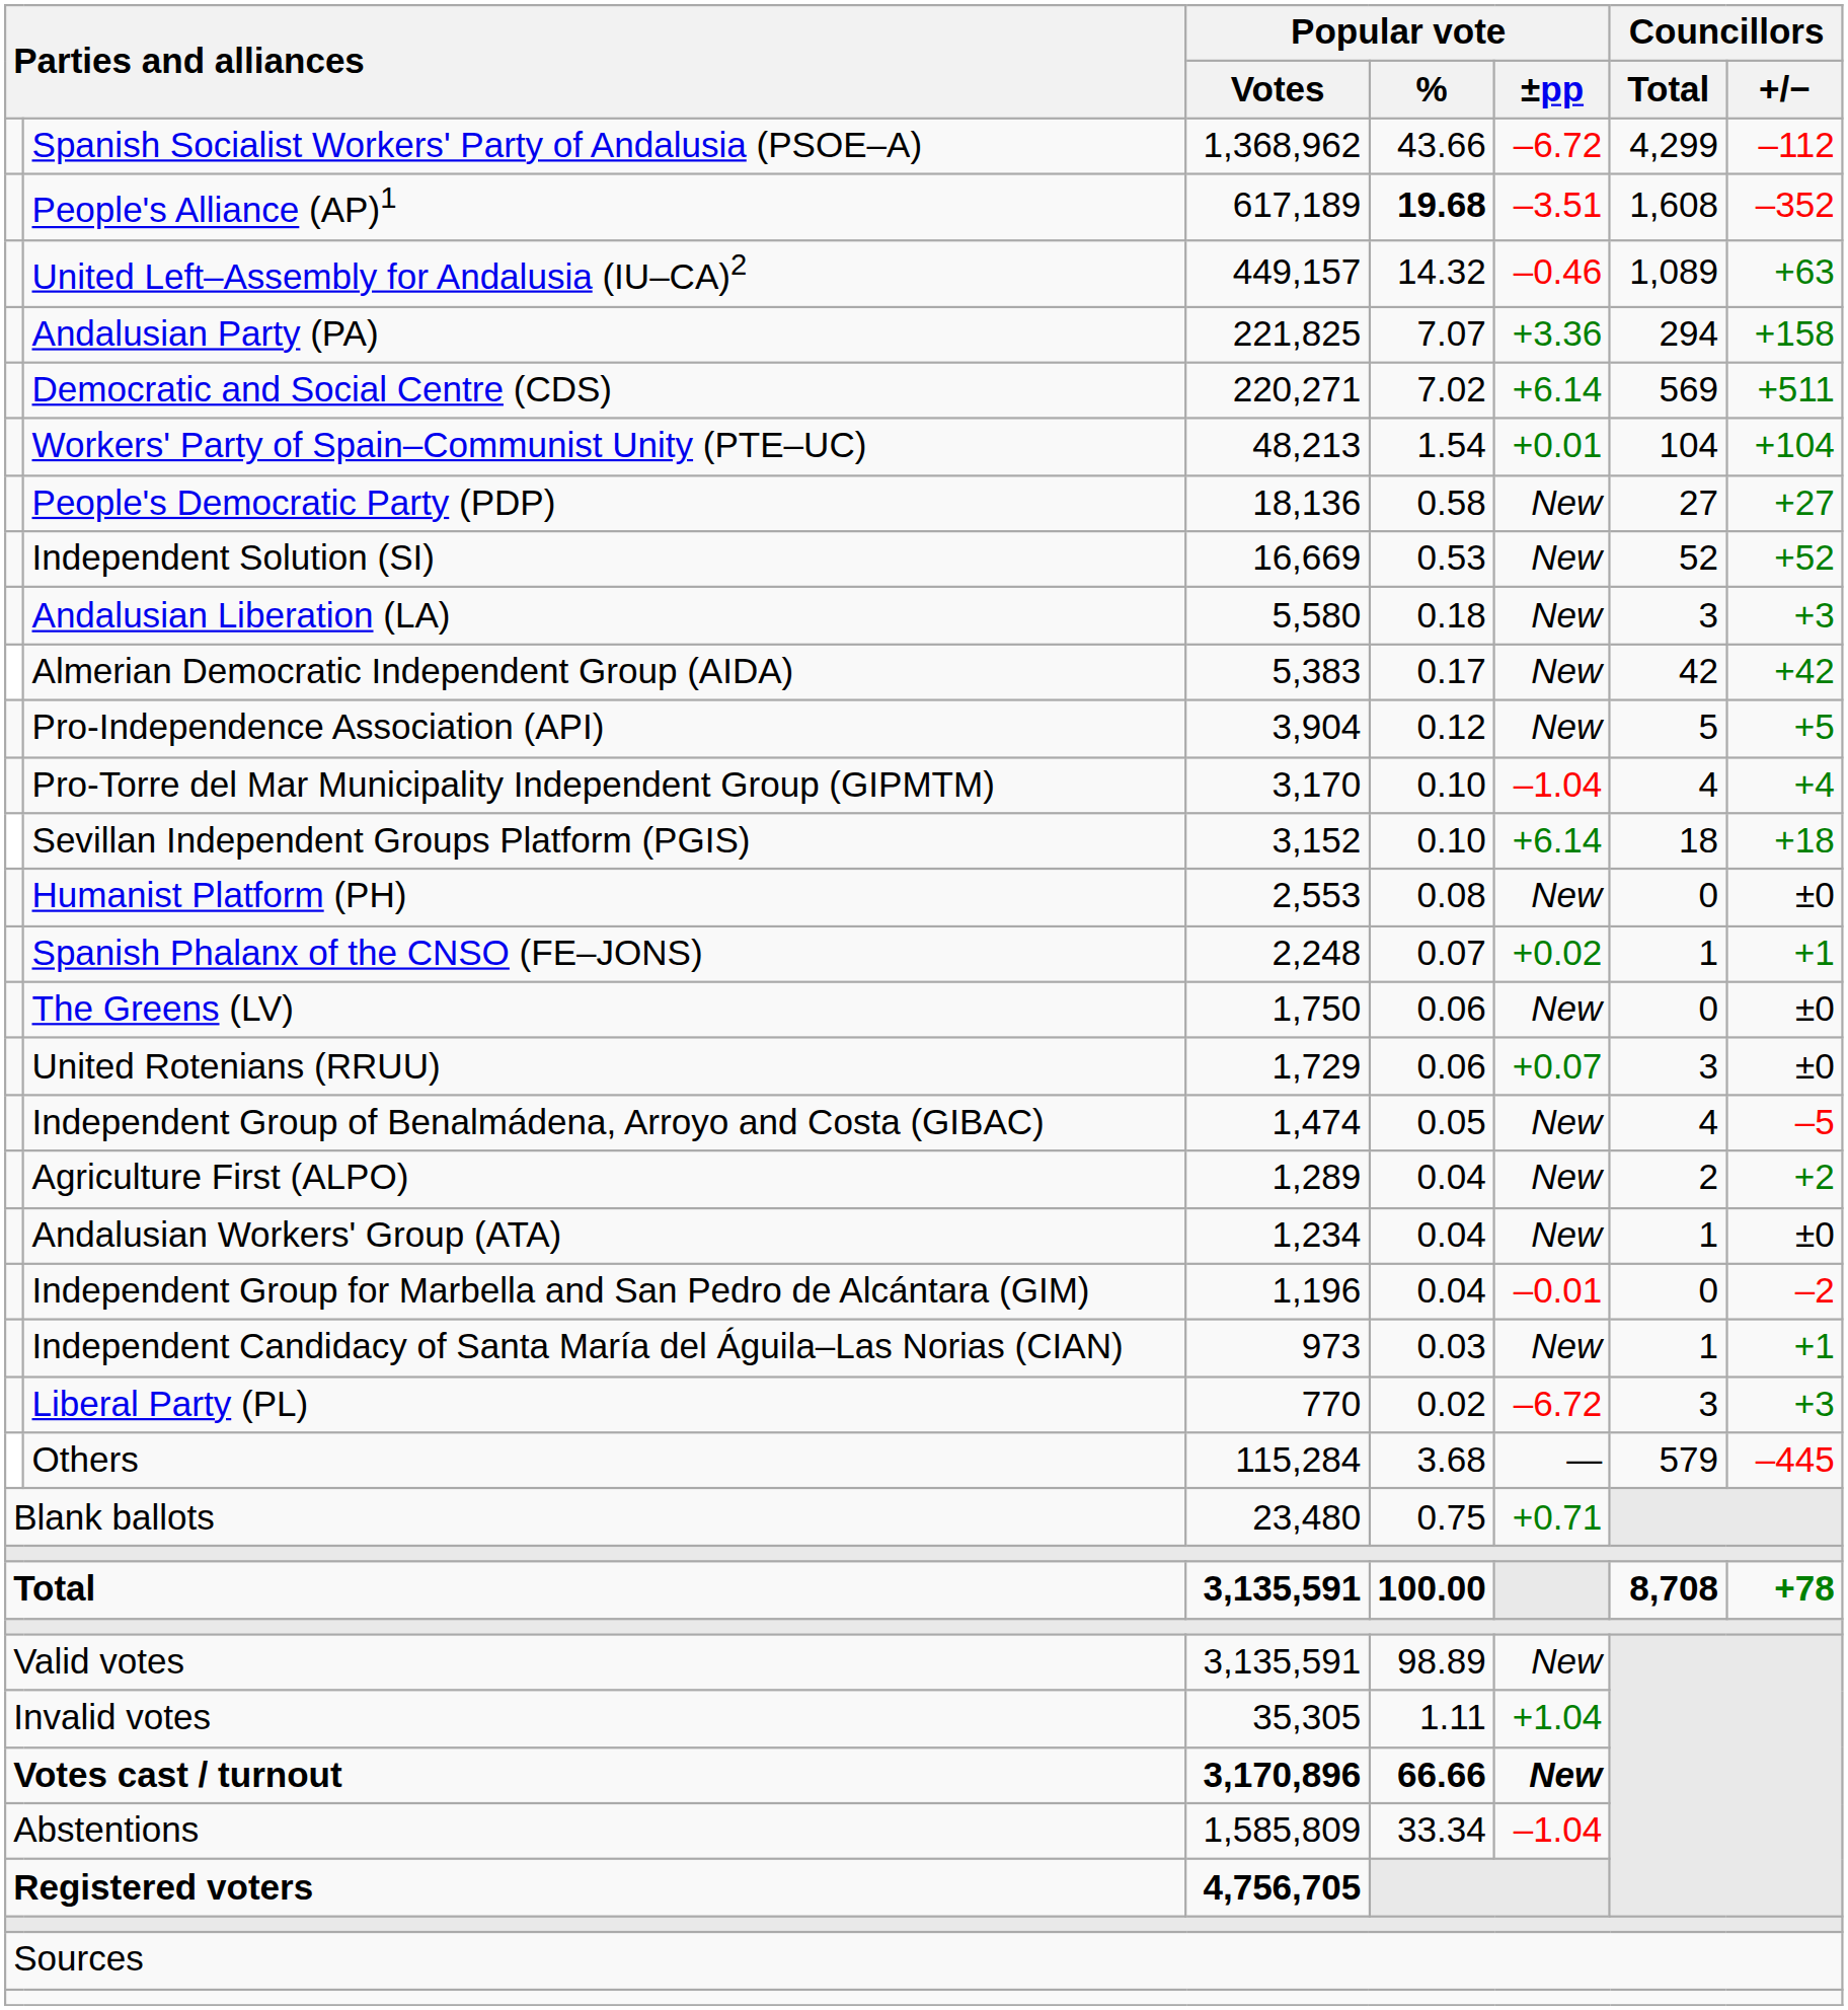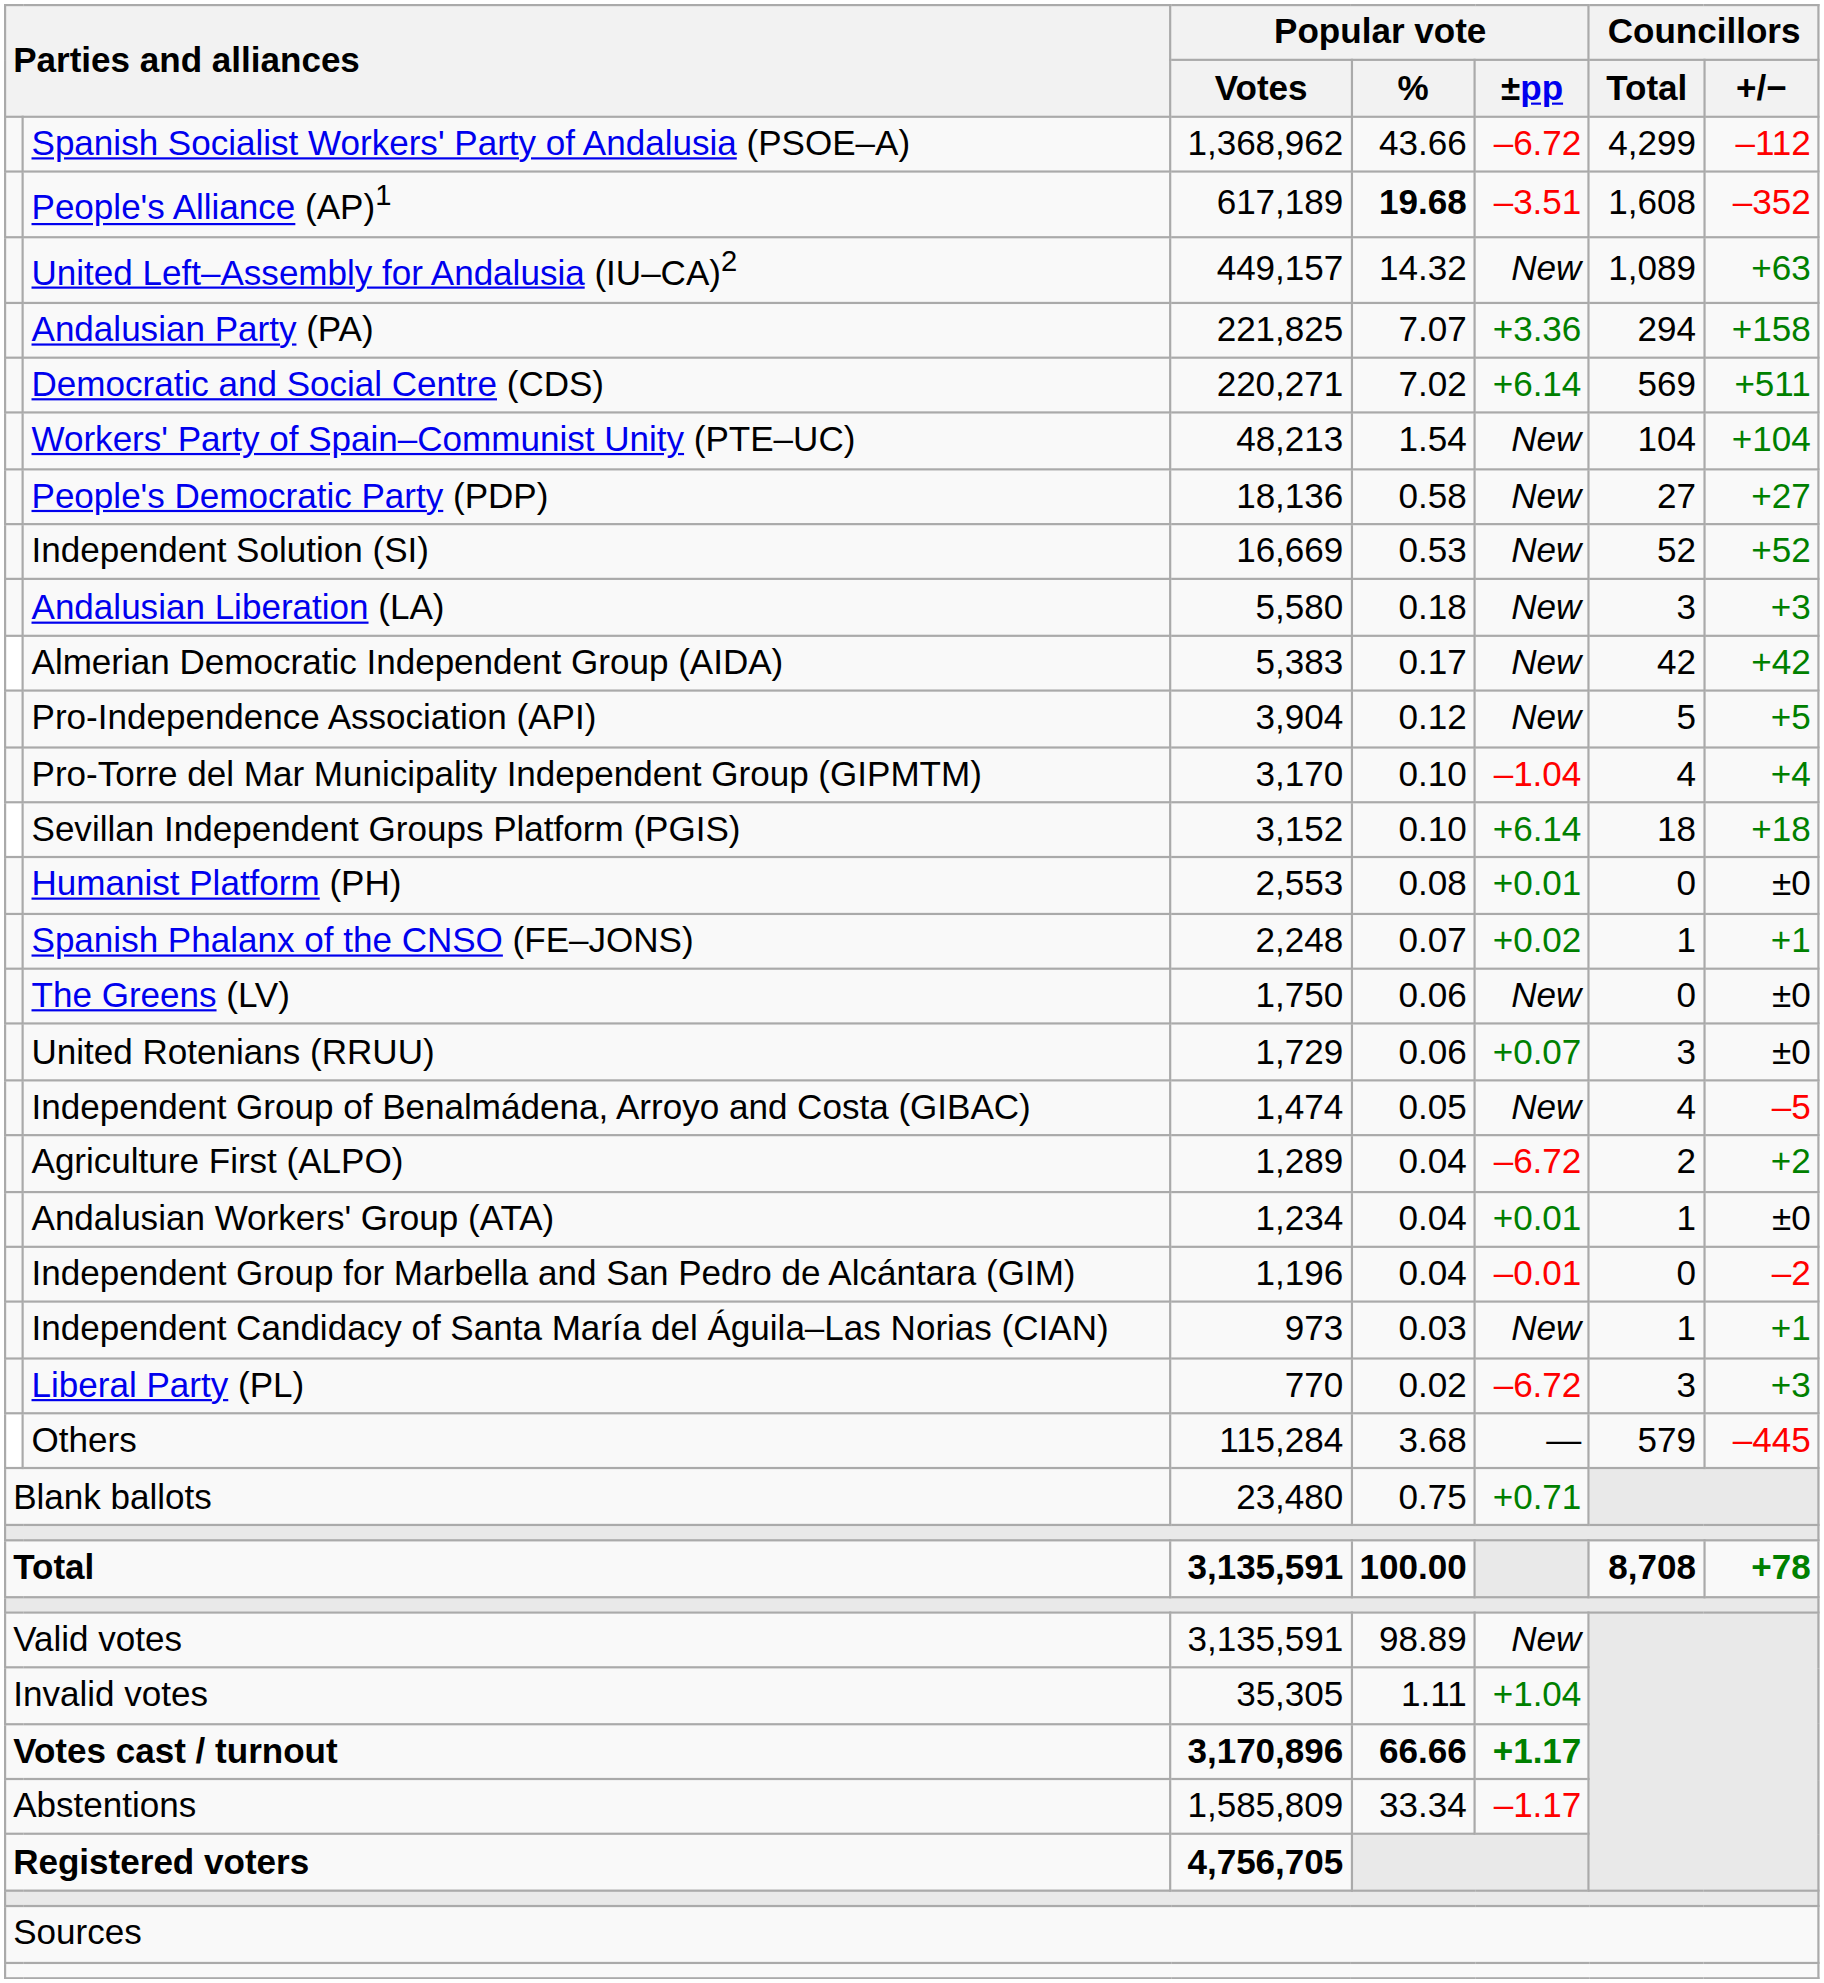 <table class="wikitable" style="text-align:right;">
 <tr>
 <th style="text-align:left;" rowspan="2" colspan="2" width="525">Parties and alliances</th>
 <th colspan="3">Popular vote</th>
 <th colspan="2">Councillors</th>
 </tr>
 <tr>
 <th width="75">Votes</th>
 <th width="45">%</th>
 <th width="45">±<a href='#'>pp</a></th>
 <th width="45">Total</th>
 <th width="45">+/−</th>
 </tr>
 <tr>
 <td width="1" style="color:inherit;background:"></td>
 <td align="left"><a href='#'>Spanish Socialist Workers' Party of Andalusia</a> (PSOE–A)</td>
 <td>1,368,962</td>
 <td>43.66</td>
 <td style="color:red;">–6.72</td>
 <td>4,299</td>
 <td style="color:red;">–112</td>
 </tr>
 <tr>
 <td style="color:inherit;background:"></td>
 <td align="left"><a href='#'>People's Alliance</a> (AP)<sup>1</sup></td>
 <td>617,189</td>
 <td><strong>19.68</strong></td>
 <td style="color:red;">–3.51</td>
 <td>1,608</td>
 <td style="color:red;">–352</td>
 </tr>
 <tr>
 <td style="color:inherit;background:"></td>
 <td align="left"><a href='#'>United Left–Assembly for Andalusia</a> (IU–CA)<sup>2</sup></td>
 <td>449,157</td>
 <td>14.32</td>
-<td style="color:red;">–0.46</td>
+<td><em>New</em></td>
 <td>1,089</td>
 <td style="color:green;">+63</td>
 </tr>
 <tr>
 <td style="color:inherit;background:"></td>
 <td align="left"><a href='#'>Andalusian Party</a> (PA)</td>
 <td>221,825</td>
 <td>7.07</td>
 <td style="color:green;">+3.36</td>
 <td>294</td>
 <td style="color:green;">+158</td>
 </tr>
 <tr>
 <td style="color:inherit;background:"></td>
 <td align="left"><a href='#'>Democratic and Social Centre</a> (CDS)</td>
 <td>220,271</td>
 <td>7.02</td>
 <td style="color:green;">+6.14</td>
 <td>569</td>
 <td style="color:green;">+511</td>
 </tr>
 <tr>
 <td style="color:inherit;background:"></td>
 <td align="left"><a href='#'>Workers' Party of Spain–Communist Unity</a> (PTE–UC)</td>
 <td>48,213</td>
 <td>1.54</td>
-<td style="color:green;">+0.01</td>
+<td><em>New</em></td>
 <td>104</td>
 <td style="color:green;">+104</td>
 </tr>
 <tr>
 <td style="color:inherit;background:"></td>
 <td align="left"><a href='#'>People's Democratic Party</a> (PDP)</td>
 <td>18,136</td>
 <td>0.58</td>
 <td><em>New</em></td>
 <td>27</td>
 <td style="color:green;">+27</td>
 </tr>
 <tr>
 <td style="color:inherit;background:"></td>
 <td align="left">Independent Solution (SI)</td>
 <td>16,669</td>
 <td>0.53</td>
 <td><em>New</em></td>
 <td>52</td>
 <td style="color:green;">+52</td>
 </tr>
 <tr>
 <td style="color:inherit;background:"></td>
 <td align="left"><a href='#'>Andalusian Liberation</a> (LA)</td>
 <td>5,580</td>
 <td>0.18</td>
 <td><em>New</em></td>
 <td>3</td>
 <td style="color:green;">+3</td>
 </tr>
 <tr>
 <td bgcolor="white"></td>
 <td align="left">Almerian Democratic Independent Group (AIDA)</td>
 <td>5,383</td>
 <td>0.17</td>
 <td><em>New</em></td>
 <td>42</td>
 <td style="color:green;">+42</td>
 </tr>
 <tr>
 <td style="color:inherit;background:"></td>
 <td align="left">Pro-Independence Association (API)</td>
 <td>3,904</td>
 <td>0.12</td>
 <td><em>New</em></td>
 <td>5</td>
 <td style="color:green;">+5</td>
 </tr>
 <tr>
 <td style="color:inherit;background:"></td>
 <td align="left">Pro-Torre del Mar Municipality Independent Group (GIPMTM)</td>
 <td>3,170</td>
 <td>0.10</td>
 <td style="color:red;">–1.04</td>
 <td>4</td>
 <td style="color:green;">+4</td>
 </tr>
 <tr>
 <td bgcolor="white"></td>
 <td align="left">Sevillan Independent Groups Platform (PGIS)</td>
 <td>3,152</td>
 <td>0.10</td>
 <td style="color:green;">+6.14</td>
 <td>18</td>
 <td style="color:green;">+18</td>
 </tr>
 <tr>
 <td style="color:inherit;background:"></td>
 <td align="left"><a href='#'>Humanist Platform</a> (PH)</td>
 <td>2,553</td>
 <td>0.08</td>
-<td><em>New</em></td>
+<td style="color:green;">+0.01</td>
 <td>0</td>
 <td>±0</td>
 </tr>
 <tr>
 <td style="color:inherit;background:"></td>
 <td align="left"><a href='#'>Spanish Phalanx of the CNSO</a> (FE–JONS)</td>
 <td>2,248</td>
 <td>0.07</td>
 <td style="color:green;">+0.02</td>
 <td>1</td>
 <td style="color:green;">+1</td>
 </tr>
 <tr>
 <td style="color:inherit;background:"></td>
 <td align="left"><a href='#'>The Greens</a> (LV)</td>
 <td>1,750</td>
 <td>0.06</td>
 <td><em>New</em></td>
 <td>0</td>
 <td>±0</td>
 </tr>
 <tr>
 <td style="color:inherit;background:"></td>
 <td align="left">United Rotenians (RRUU)</td>
 <td>1,729</td>
 <td>0.06</td>
 <td style="color:green;">+0.07</td>
 <td>3</td>
 <td>±0</td>
 </tr>
 <tr>
 <td style="color:inherit;background:"></td>
 <td align="left">Independent Group of Benalmádena, Arroyo and Costa (GIBAC)</td>
 <td>1,474</td>
 <td>0.05</td>
 <td><em>New</em></td>
 <td>4</td>
 <td style="color:red;">–5</td>
 </tr>
 <tr>
 <td style="color:inherit;background:"></td>
 <td align="left">Agriculture First (ALPO)</td>
 <td>1,289</td>
 <td>0.04</td>
-<td><em>New</em></td>
+<td style="color:red;">–6.72</td>
 <td>2</td>
 <td style="color:green;">+2</td>
 </tr>
 <tr>
 <td style="color:inherit;background:"></td>
 <td align="left">Andalusian Workers' Group (ATA)</td>
 <td>1,234</td>
 <td>0.04</td>
-<td><em>New</em></td>
+<td style="color:green;">+0.01</td>
 <td>1</td>
 <td>±0</td>
 </tr>
 <tr>
 <td style="color:inherit;background:"></td>
 <td align="left">Independent Group for Marbella and San Pedro de Alcántara (GIM)</td>
 <td>1,196</td>
 <td>0.04</td>
 <td style="color:red;">–0.01</td>
 <td>0</td>
 <td style="color:red;">–2</td>
 </tr>
 <tr>
 <td style="color:inherit;background:"></td>
 <td align="left">Independent Candidacy of Santa María del Águila–Las Norias (CIAN)</td>
 <td>973</td>
 <td>0.03</td>
 <td><em>New</em></td>
 <td>1</td>
 <td style="color:green;">+1</td>
 </tr>
 <tr>
 <td style="color:inherit;background:"></td>
 <td align="left"><a href='#'>Liberal Party</a> (PL)</td>
 <td>770</td>
 <td>0.02</td>
 <td style="color:red;">–6.72</td>
 <td>3</td>
 <td style="color:green;">+3</td>
 </tr>
 <tr>
 <td bgcolor="white"></td>
 <td align="left">Others</td>
 <td>115,284</td>
 <td>3.68</td>
 <td>—</td>
 <td>579</td>
 <td style="color:red;">–445</td>
 </tr>
 <tr>
 <td align="left" colspan="2">Blank ballots</td>
 <td>23,480</td>
 <td>0.75</td>
 <td style="color:green;">+0.71</td>
 <td bgcolor="#E9E9E9" colspan="2"></td>
 </tr>
 <tr>
 <td colspan="7" bgcolor="#E9E9E9"></td>
 </tr>
 <tr style="font-weight:bold;">
 <td align="left" colspan="2">Total</td>
 <td>3,135,591</td>
 <td>100.00</td>
 <td bgcolor="#E9E9E9"></td>
 <td>8,708</td>
 <td style="color:green;">+78</td>
 </tr>
 <tr>
 <td colspan="7" bgcolor="#E9E9E9"></td>
 </tr>
 <tr>
 <td align="left" colspan="2">Valid votes</td>
 <td>3,135,591</td>
 <td>98.89</td>
 <td><em>New</em></td>
 <td bgcolor="#E9E9E9" colspan="2" rowspan="5"></td>
 </tr>
 <tr>
 <td align="left" colspan="2">Invalid votes</td>
 <td>35,305</td>
 <td>1.11</td>
 <td style="color:green;">+1.04</td>
 </tr>
 <tr style="font-weight:bold;">
 <td align="left" colspan="2">Votes cast / turnout</td>
 <td>3,170,896</td>
 <td>66.66</td>
-<td><em>New</em></td>
+<td style="color:green;">+1.17</td>
 </tr>
 <tr>
 <td align="left" colspan="2">Abstentions</td>
 <td>1,585,809</td>
 <td>33.34</td>
-<td style="color:red;">–1.04</td>
+<td style="color:red;">–1.17</td>
 </tr>
 <tr style="font-weight:bold;">
 <td align="left" colspan="2">Registered voters</td>
 <td>4,756,705</td>
 <td bgcolor="#E9E9E9" colspan="2"></td>
 </tr>
 <tr>
 <td colspan="7" bgcolor="#E9E9E9"></td>
 </tr>
 <tr>
 <td align="left" colspan="7">Sources</td>
 </tr>
 <tr>
 <td colspan="7" style="text-align:left; max-width:790px;"></td>
 </tr>
 </table>
